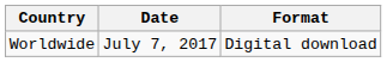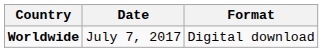 <table class="wikitable plainrowheaders">
 <tr>
 <th scope="col">Country</th>
 <th scope="col">Date</th>
 <th scope="col">Format</th>
 </tr>
 <tr>
-<td>Worldwide</td>
+<td><strong>Worldwide</strong></td>
 <td rowspan="2">July 7, 2017</td>
 <td rowspan="2">Digital download</td>
 </tr>
 </table>
